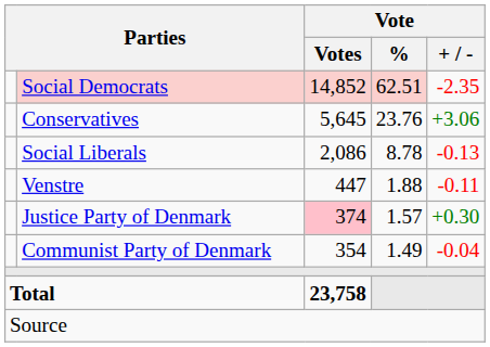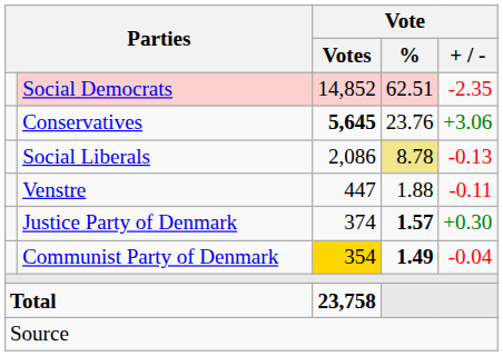 <table class="wikitable" style="text-align:right;">
 <tr>
 <th style="text-align:centre;" rowspan="2" colspan="2" width="225">Parties</th>
 <th colspan="3">Vote</th>
 </tr>
 <tr>
 <th width="15">Votes</th>
 <th width="15">%</th>
 <th width="15">+ / -</th>
 </tr>
 <tr>
 <td width="2" style="color:inherit;background:"></td>
 <td bgcolor=#fbd0ce  align="left"><a href='#'>Social Democrats</a></td>
 <td bgcolor=#fbd0ce>14,852</td>
 <td bgcolor=#fbd0ce>62.51</td>
 <td style=color:red;>-2.35</td>
 </tr>
 <tr>
 <td width="2" style="color:inherit;background:"></td>
 <td align="left"><a href='#'>Conservatives</a></td>
-<td>5,645</td>
+<td><strong>5,645</strong></td>
 <td>23.76</td>
 <td style=color:green;>+3.06</td>
 </tr>
 <tr>
 <td width="2" style="color:inherit;background:"></td>
 <td align="left"><a href='#'>Social Liberals</a></td>
 <td>2,086</td>
-<td>8.78</td>
+<td style="background: khaki;">8.78</td>
 <td style=color:red;>-0.13</td>
 </tr>
 <tr>
 <td width="2" style="color:inherit;background:"></td>
 <td align="left"><a href='#'>Venstre</a></td>
 <td>447</td>
 <td>1.88</td>
 <td style=color:red;>-0.11</td>
 </tr>
 <tr>
 <td width="2" style="color:inherit;background:"></td>
 <td align="left"><a href='#'>Justice Party of Denmark</a></td>
-<td style="background: pink;">374</td>
-<td>1.57</td>
+<td>374</td>
+<td><strong>1.57</strong></td>
 <td style=color:green;>+0.30</td>
 </tr>
 <tr>
 <td width="2" style="color:inherit;background:"></td>
 <td align="left"><a href='#'>Communist Party of Denmark</a></td>
-<td>354</td>
-<td>1.49</td>
+<td style="background: gold;">354</td>
+<td><strong>1.49</strong></td>
 <td style=color:red;>-0.04</td>
 </tr>
 <tr>
 <td colspan="7" bgcolor="#E9E9E9"></td>
 </tr>
 <tr>
 <td align="left" colspan="2"><strong>Total</strong></td>
 <td><strong>23,758</strong></td>
 <td bgcolor="#E9E9E9" colspan="2"></td>
 </tr>
 <tr>
 <td align="left" colspan="6">Source</td>
 </tr>
 </table>
